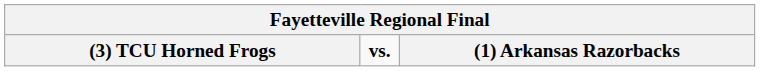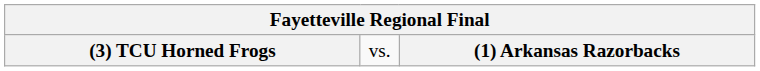 <table class="wikitable">
 <tr>
 <th style="width: 604px;" colspan=3>Fayetteville Regional Final</th>
 </tr>
 <tr>
 <th style="width: 289px; ">(3) TCU Horned Frogs</th>
-<td style="width: 25px; text-align:center"><strong>vs.</strong></td>
+<td style="width: 25px; text-align:center">vs.</td>
 <th style="width: 289px; ">(1) Arkansas Razorbacks</th>
 </tr>
 </table>
